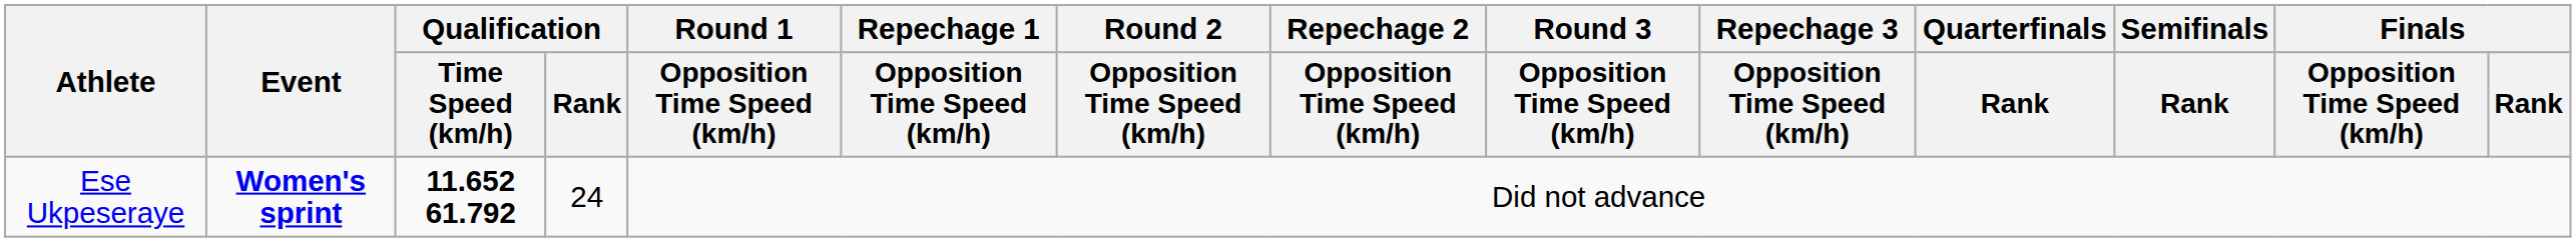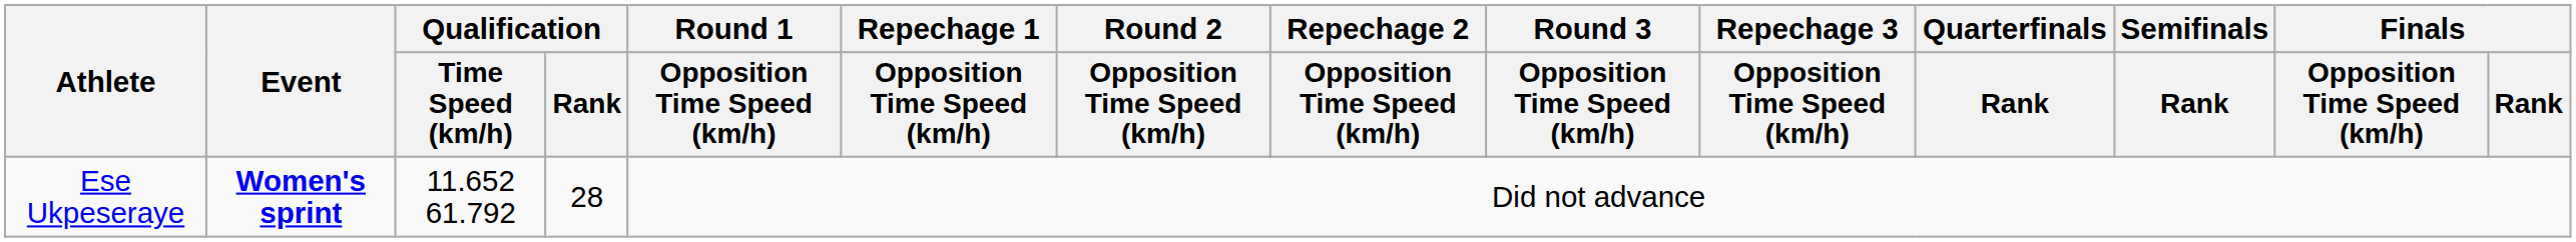 <table class=wikitable style=font-size:90%;text-align:center>
 <tr>
 <th rowspan=2>Athlete</th>
 <th rowspan=2>Event</th>
 <th colspan="2"><strong>Qualification</strong></th>
 <th>Round 1</th>
 <th>Repechage 1</th>
 <th>Round 2</th>
 <th>Repechage 2</th>
 <th>Round 3</th>
 <th>Repechage 3</th>
 <th>Quarterfinals</th>
 <th>Semifinals</th>
 <th colspan="2">Finals</th>
 </tr>
 <tr style=font-size:95%>
 <th><strong>Time</strong><br><strong>Speed (km/h)</strong></th>
 <th><strong>Rank</strong></th>
 <th><strong>Opposition</strong><br><strong>Time</strong> <strong>Speed (km/h)</strong></th>
 <th><strong>Opposition</strong><br><strong>Time</strong> <strong>Speed (km/h)</strong></th>
 <th><strong>Opposition</strong><br><strong>Time</strong> <strong>Speed (km/h)</strong></th>
 <th><strong>Opposition</strong><br><strong>Time</strong> <strong>Speed (km/h)</strong></th>
 <th><strong>Opposition</strong><br><strong>Time</strong> <strong>Speed (km/h)</strong></th>
 <th><strong>Opposition</strong><br><strong>Time</strong> <strong>Speed (km/h)</strong></th>
 <th>Rank</th>
 <th>Rank</th>
 <th><strong>Opposition</strong><br><strong>Time</strong> <strong>Speed (km/h)</strong></th>
 <th><strong>Rank</strong></th>
 </tr>
 <tr>
 <td><a href='#'>Ese Ukpeseraye</a></td>
 <td><strong><a href='#'>Women's sprint</a></strong></td>
-<td><strong>11.652<br>61.792</strong></td>
-<td>24</td>
+<td>11.652<br>61.792</td>
+<td>28</td>
 <td colspan="10">Did not advance</td>
 </tr>
 </table>
